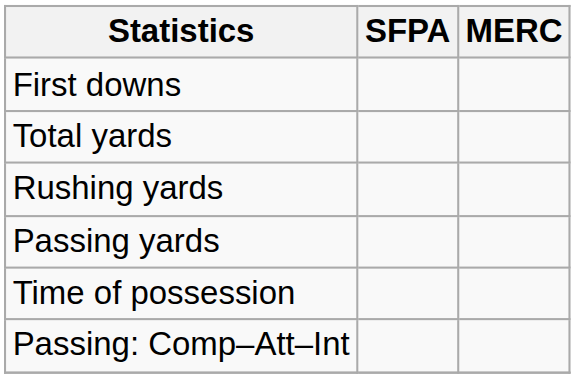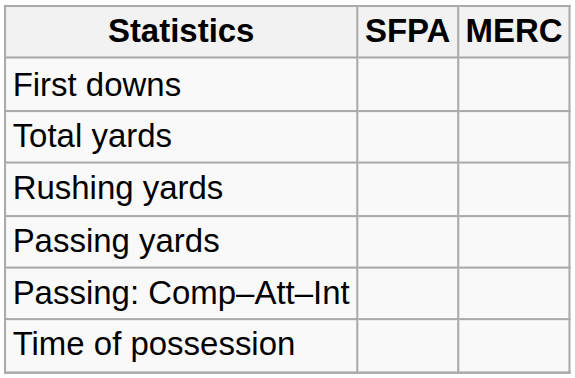 <table class="wikitable" style="float: left;">
 <tr>
 <th>Statistics</th>
 <th>SFPA</th>
 <th>MERC</th>
 </tr>
 <tr>
 <td>First downs</td>
 <td></td>
 <td></td>
 </tr>
 <tr>
 <td>Total yards</td>
 <td></td>
 <td></td>
 </tr>
 <tr>
 <td>Rushing yards</td>
 <td></td>
 <td></td>
 </tr>
 <tr>
 <td>Passing yards</td>
 <td></td>
 <td></td>
 </tr>
 <tr>
-<td>Time of possession</td>
+<td>Passing: Comp–Att–Int</td>
 <td></td>
 <td></td>
 </tr>
 <tr>
-<td>Passing: Comp–Att–Int</td>
+<td>Time of possession</td>
 <td></td>
 <td></td>
 </tr>
 <tr>
 </tr>
 </table>
